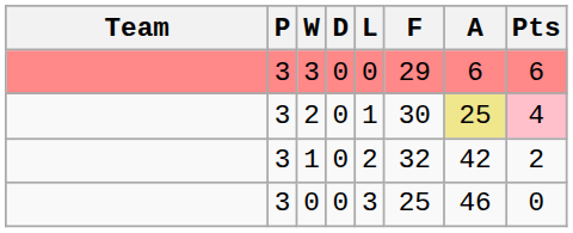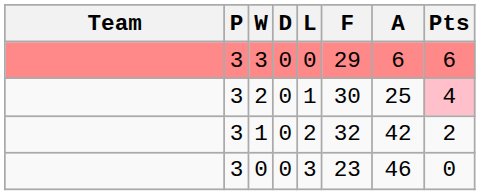 <table class="wikitable" style="text-align:center;">
 <tr>
 <th width="120px">Team</th>
 <th>P</th>
 <th>W</th>
 <th>D</th>
 <th>L</th>
 <th width="23px">F</th>
 <th width="23px">A</th>
 <th width="23px">Pts</th>
 </tr>
 <tr bgcolor="#FF8888">
 <td></td>
 <td>3</td>
 <td>3</td>
 <td>0</td>
 <td>0</td>
 <td>29</td>
 <td>6</td>
 <td>6</td>
 </tr>
 <tr>
 <td></td>
 <td>3</td>
 <td>2</td>
 <td>0</td>
 <td>1</td>
 <td>30</td>
-<td style="background: khaki;">25</td>
+<td>25</td>
 <td style="background: pink;">4</td>
 </tr>
 <tr>
 <td></td>
 <td>3</td>
 <td>1</td>
 <td>0</td>
 <td>2</td>
 <td>32</td>
 <td>42</td>
 <td>2</td>
 </tr>
 <tr>
 <td></td>
 <td>3</td>
 <td>0</td>
 <td>0</td>
 <td>3</td>
-<td>25</td>
+<td>23</td>
 <td>46</td>
 <td>0</td>
 </tr>
 </table>
